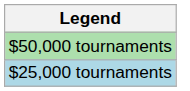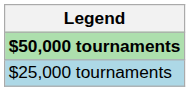 <table class="wikitable" style="font-size:90%;">
 <tr>
 <th>Legend</th>
 </tr>
 <tr style="background:#addfad;">
-<td>$50,000 tournaments</td>
+<td><strong>$50,000 tournaments</strong></td>
 </tr>
 <tr style="background:lightblue;">
 <td>$25,000 tournaments</td>
 </tr>
 </table>
